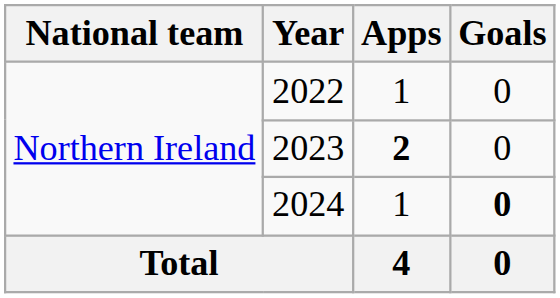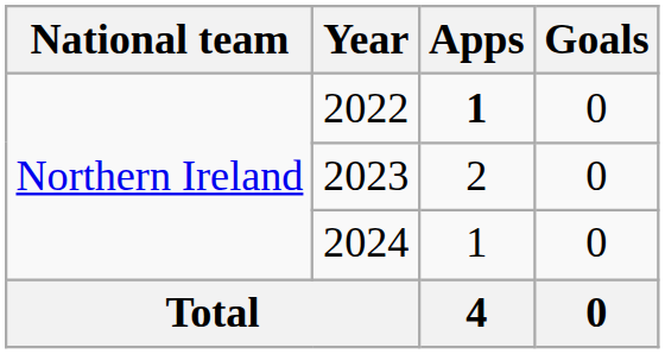 <table class=wikitable style=text-align:center>
 <tr>
 <th>National team</th>
 <th>Year</th>
 <th>Apps</th>
 <th>Goals</th>
 </tr>
 <tr>
 <td rowspan=3><a href='#'>Northern Ireland</a></td>
 <td>2022</td>
-<td>1</td>
+<td><strong>1</strong></td>
 <td>0</td>
 </tr>
 <tr>
 <td>2023</td>
-<td><strong>2</strong></td>
+<td>2</td>
 <td>0</td>
 </tr>
 <tr>
 <td>2024</td>
 <td>1</td>
-<td><strong>0</strong></td>
+<td>0</td>
 </tr>
 <tr>
 <th colspan=2>Total</th>
 <th>4</th>
 <th>0</th>
 </tr>
 </table>
